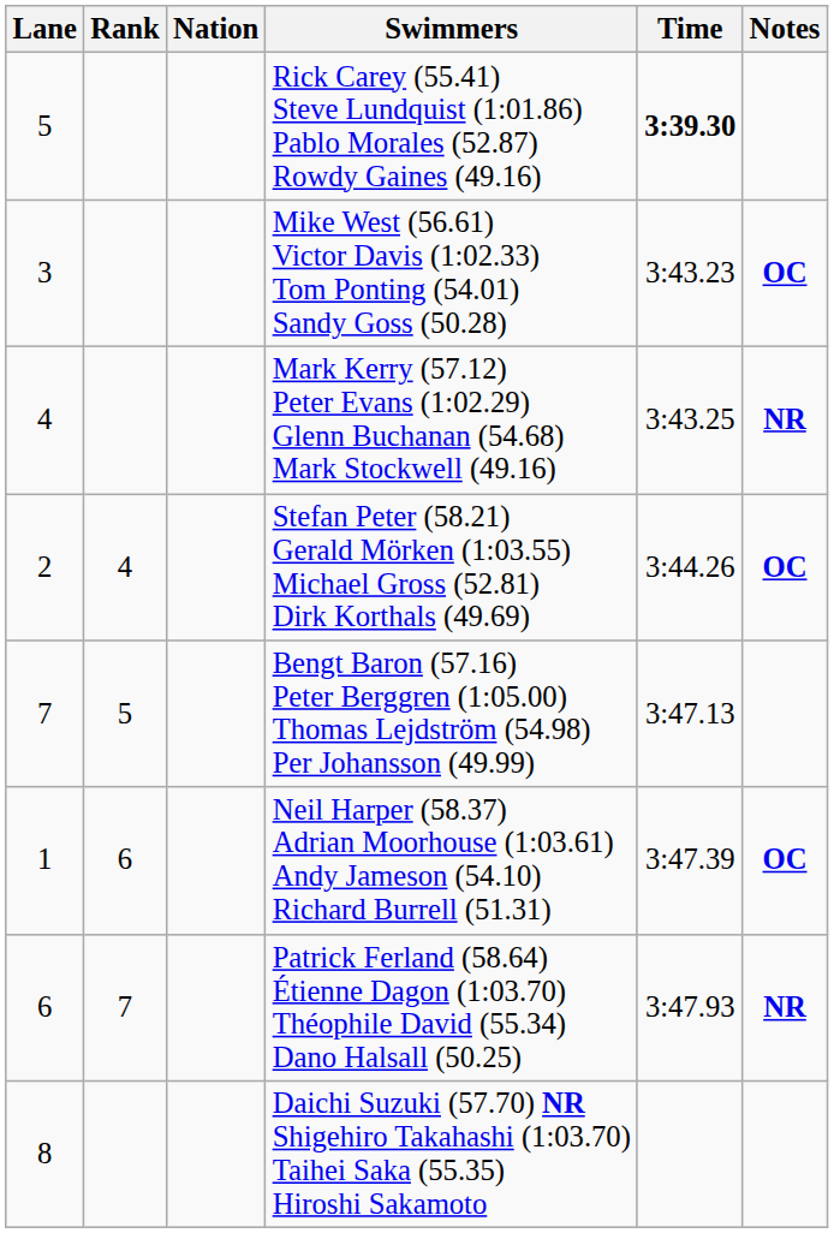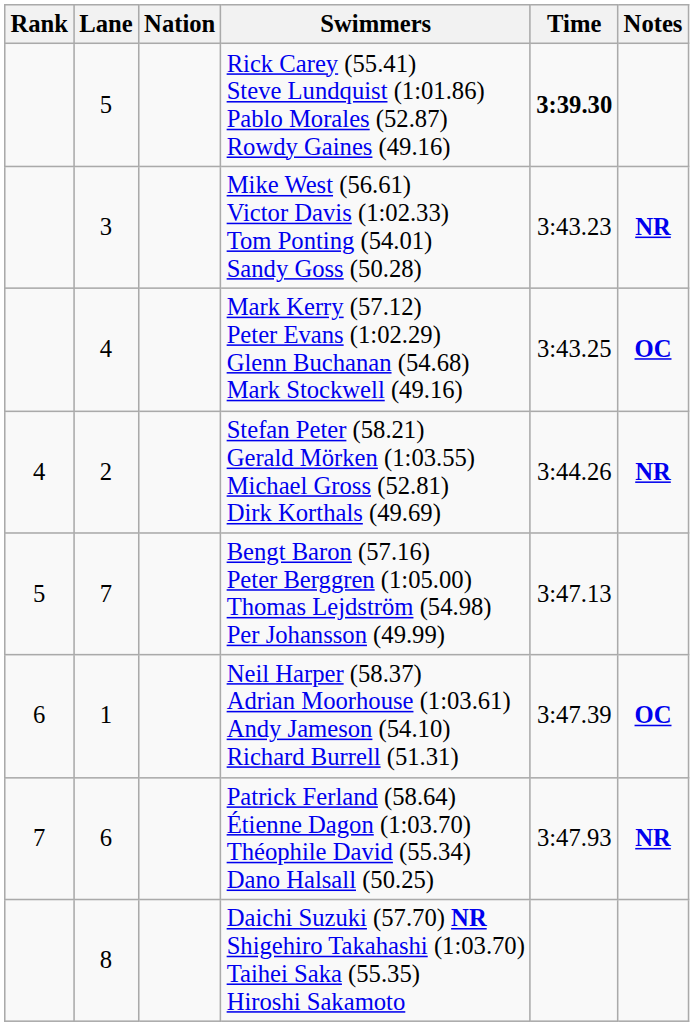 <table class="wikitable sortable" style="text-align:center">
 <tr>
+<th>Rank</th>
 <th>Lane</th>
-<th>Rank</th>
 <th>Nation</th>
 <th>Swimmers</th>
 <th>Time</th>
 <th>Notes</th>
 </tr>
 <tr>
+<td></td>
 <td>5</td>
-<td></td>
 <td align=left></td>
 <td align=left><a href='#'>Rick Carey</a> (55.41)<br><a href='#'>Steve Lundquist</a> (1:01.86)<br><a href='#'>Pablo Morales</a> (52.87)<br><a href='#'>Rowdy Gaines</a> (49.16)</td>
 <td><strong>3:39.30</strong></td>
 <td></td>
 </tr>
 <tr>
+<td></td>
 <td>3</td>
-<td></td>
 <td align=left></td>
 <td align=left><a href='#'>Mike West</a> (56.61)<br><a href='#'>Victor Davis</a> (1:02.33)<br><a href='#'>Tom Ponting</a> (54.01)<br><a href='#'>Sandy Goss</a> (50.28)</td>
 <td>3:43.23</td>
+<td><strong><a href='#'>NR</a></strong></td>
+</tr>
+<tr>
+<td></td>
+<td>4</td>
+<td align=left></td>
+<td align=left><a href='#'>Mark Kerry</a> (57.12)<br><a href='#'>Peter Evans</a> (1:02.29)<br><a href='#'>Glenn Buchanan</a> (54.68)<br><a href='#'>Mark Stockwell</a> (49.16)</td>
+<td>3:43.25</td>
 <td><strong><a href='#'>OC</a></strong></td>
 </tr>
 <tr>
 <td>4</td>
-<td></td>
+<td>2</td>
 <td align=left></td>
-<td align=left><a href='#'>Mark Kerry</a> (57.12)<br><a href='#'>Peter Evans</a> (1:02.29)<br><a href='#'>Glenn Buchanan</a> (54.68)<br><a href='#'>Mark Stockwell</a> (49.16)</td>
-<td>3:43.25</td>
+<td align=left><a href='#'>Stefan Peter</a> (58.21)<br><a href='#'>Gerald Mörken</a> (1:03.55)<br><a href='#'>Michael Gross</a> (52.81)<br><a href='#'>Dirk Korthals</a> (49.69)</td>
+<td>3:44.26</td>
 <td><strong><a href='#'>NR</a></strong></td>
 </tr>
 <tr>
-<td>2</td>
-<td>4</td>
-<td align=left></td>
-<td align=left><a href='#'>Stefan Peter</a> (58.21)<br><a href='#'>Gerald Mörken</a> (1:03.55)<br><a href='#'>Michael Gross</a> (52.81)<br><a href='#'>Dirk Korthals</a> (49.69)</td>
-<td>3:44.26</td>
-<td><strong><a href='#'>OC</a></strong></td>
-</tr>
-<tr>
+<td>5</td>
 <td>7</td>
-<td>5</td>
 <td align=left></td>
 <td align=left><a href='#'>Bengt Baron</a> (57.16)<br><a href='#'>Peter Berggren</a> (1:05.00)<br><a href='#'>Thomas Lejdström</a> (54.98)<br><a href='#'>Per Johansson</a> (49.99)</td>
 <td>3:47.13</td>
 <td></td>
 </tr>
 <tr>
+<td>6</td>
 <td>1</td>
-<td>6</td>
 <td align=left></td>
 <td align=left><a href='#'>Neil Harper</a> (58.37)<br><a href='#'>Adrian Moorhouse</a> (1:03.61)<br><a href='#'>Andy Jameson</a> (54.10)<br><a href='#'>Richard Burrell</a> (51.31)</td>
 <td>3:47.39</td>
 <td><strong><a href='#'>OC</a></strong></td>
 </tr>
 <tr>
+<td>7</td>
 <td>6</td>
-<td>7</td>
 <td align=left></td>
 <td align=left><a href='#'>Patrick Ferland</a> (58.64)<br><a href='#'>Étienne Dagon</a> (1:03.70)<br><a href='#'>Théophile David</a> (55.34)<br><a href='#'>Dano Halsall</a> (50.25)</td>
 <td>3:47.93</td>
 <td><strong><a href='#'>NR</a></strong></td>
 </tr>
 <tr>
+<td></td>
 <td>8</td>
-<td></td>
 <td align=left></td>
 <td align=left><a href='#'>Daichi Suzuki</a> (57.70) <strong><a href='#'>NR</a></strong><br><a href='#'>Shigehiro Takahashi</a> (1:03.70)<br><a href='#'>Taihei Saka</a> (55.35)<br><a href='#'>Hiroshi Sakamoto</a></td>
 <td></td>
 <td></td>
 </tr>
 </table>
